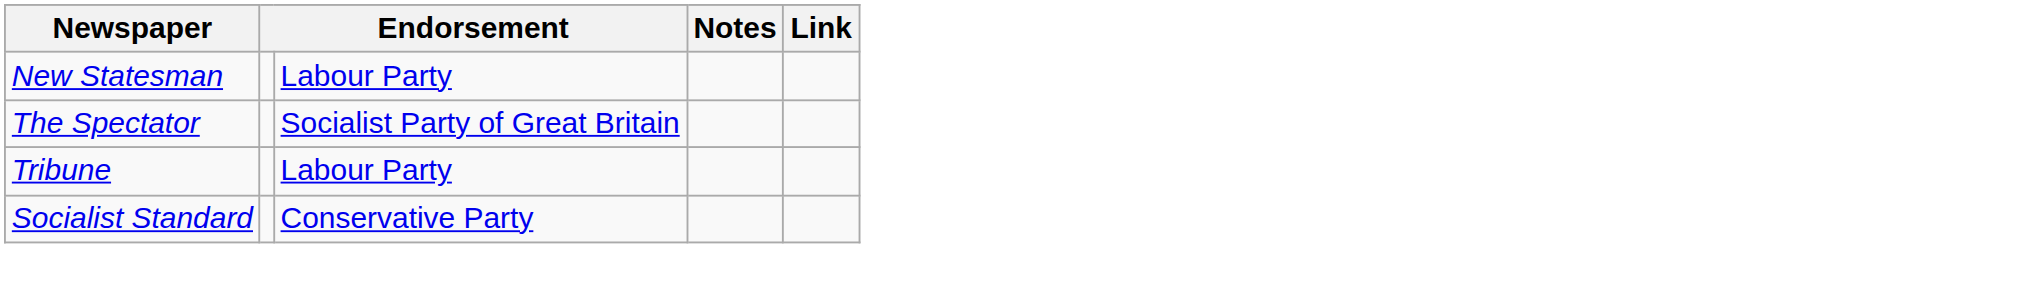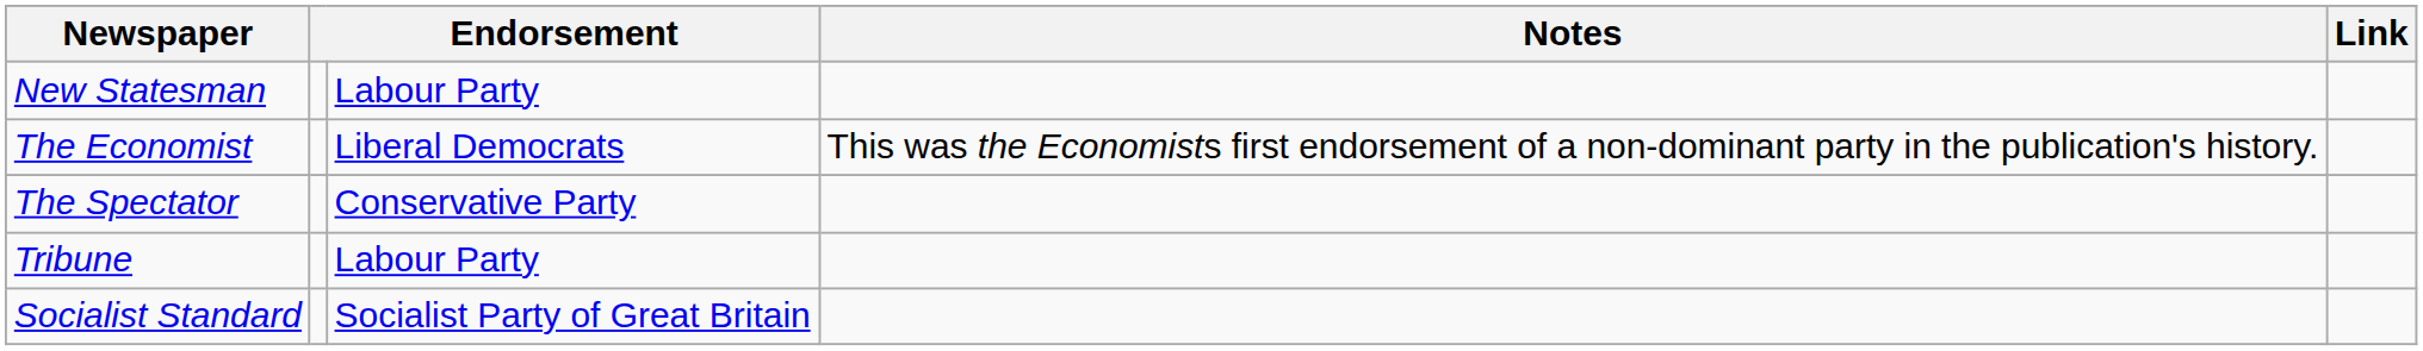 <table class="wikitable">
 <tr>
 <th>Newspaper</th>
 <th colspan=2>Endorsement</th>
 <th>Notes</th>
 <th>Link</th>
 </tr>
 <tr>
 <td><em><a href='#'>New Statesman</a></em></td>
 <td style="background-color: "></td>
 <td><a href='#'>Labour Party</a></td>
 <td></td>
 <td></td>
 </tr>
 <tr>
+<td><em><a href='#'>The Economist</a></em></td>
+<td style="background-color: "></td>
+<td><a href='#'>Liberal Democrats</a></td>
+<td>This was <em>the Economist</em>s first endorsement of a non-dominant party in the publication's history.</td>
+<td></td>
+</tr>
+<tr>
 <td><em><a href='#'>The Spectator</a></em></td>
 <td style="background-color: "></td>
-<td><a href='#'>Socialist Party of Great Britain</a></td>
+<td><a href='#'>Conservative Party</a></td>
 <td></td>
 <td></td>
 </tr>
 <tr>
 <td><em><a href='#'>Tribune</a></em></td>
 <td style="background-color: "></td>
 <td><a href='#'>Labour Party</a></td>
 <td></td>
 <td></td>
 </tr>
 <tr>
 <td><em><a href='#'>Socialist Standard</a></em></td>
 <td style="background-color: "></td>
-<td><a href='#'>Conservative Party</a></td>
+<td><a href='#'>Socialist Party of Great Britain</a></td>
 <td></td>
 <td></td>
 </tr>
 </table>
